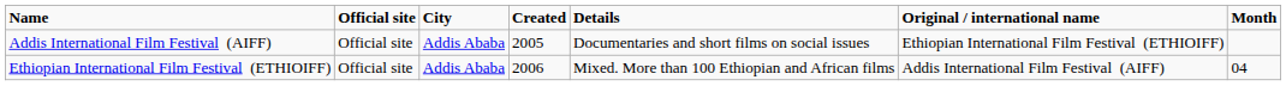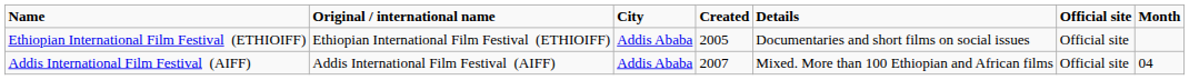 <table class="wikitable">
 <tr>
 <td><strong>Name</strong></td>
-<td><strong>Official site</strong></td>
+<td><strong>Original / international name</strong></td>
 <td><strong>City</strong></td>
 <td><strong>Created</strong></td>
 <td><strong>Details</strong></td>
-<td><strong>Original / international name</strong></td>
+<td><strong>Official site</strong></td>
 <td><strong>Month</strong></td>
 </tr>
 <tr>
-<td><a href='#'>Addis International Film Festival</a>  (AIFF)</td>
-<td>Official site</td>
+<td><a href='#'>Ethiopian International Film Festival</a>  (ETHIOIFF)</td>
+<td>Ethiopian International Film Festival  (ETHIOIFF)</td>
 <td><a href='#'>Addis Ababa</a></td>
 <td>2005</td>
 <td>Documentaries and short films on social issues</td>
-<td>Ethiopian International Film Festival  (ETHIOIFF)</td>
+<td>Official site</td>
 <td></td>
 </tr>
 <tr>
-<td><a href='#'>Ethiopian International Film Festival</a>  (ETHIOIFF)</td>
+<td><a href='#'>Addis International Film Festival</a>  (AIFF)</td>
+<td>Addis International Film Festival  (AIFF)</td>
+<td><a href='#'>Addis Ababa</a></td>
+<td>2007</td>
+<td>Mixed. More than 100 Ethiopian and African films</td>
 <td>Official site</td>
-<td><a href='#'>Addis Ababa</a></td>
-<td>2006</td>
-<td>Mixed. More than 100 Ethiopian and African films</td>
-<td>Addis International Film Festival  (AIFF)</td>
 <td>04</td>
 </tr>
 </table>
